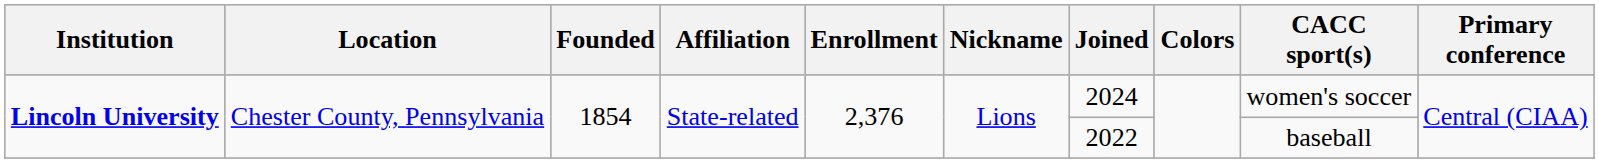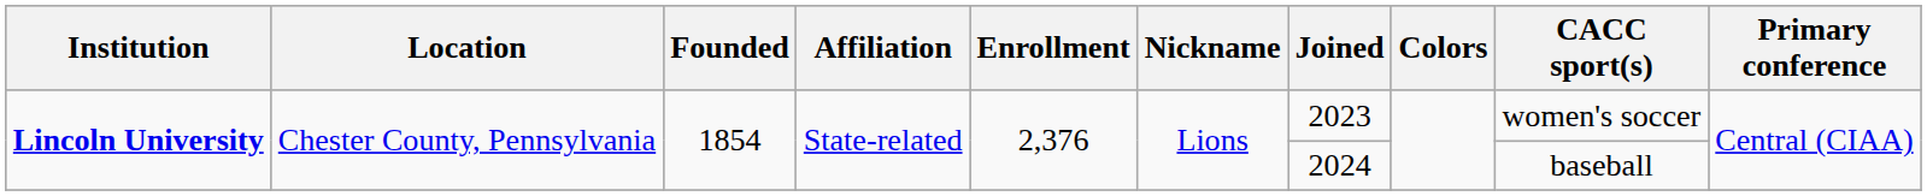 <table class="wikitable sortable" style="text-align:center">
 <tr>
 <th>Institution</th>
 <th>Location</th>
 <th>Founded</th>
 <th>Affiliation</th>
 <th>Enrollment</th>
 <th>Nickname</th>
 <th>Joined</th>
 <th class="unsortable">Colors</th>
 <th>CACC<br>sport(s)</th>
 <th>Primary<br>conference</th>
 </tr>
 <tr>
 <td rowspan="2"><strong><a href='#'>Lincoln University</a></strong></td>
 <td rowspan="2"><a href='#'>Chester County, Pennsylvania</a></td>
 <td rowspan="2">1854</td>
 <td rowspan="2"><a href='#'>State-related</a><br></td>
 <td rowspan="2">2,376</td>
 <td rowspan="2"><a href='#'>Lions</a></td>
-<td>2024</td>
+<td>2023</td>
 <td rowspan="2"> </td>
 <td>women's soccer</td>
 <td rowspan="2"><a href='#'>Central (CIAA)</a></td>
 </tr>
 <tr>
-<td>2022</td>
+<td>2024</td>
 <td>baseball</td>
 </tr>
 </table>
